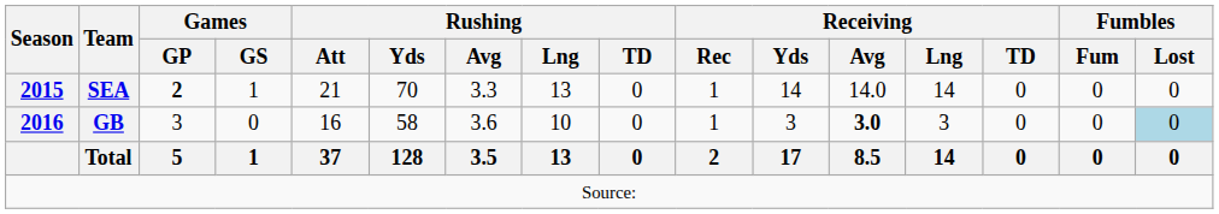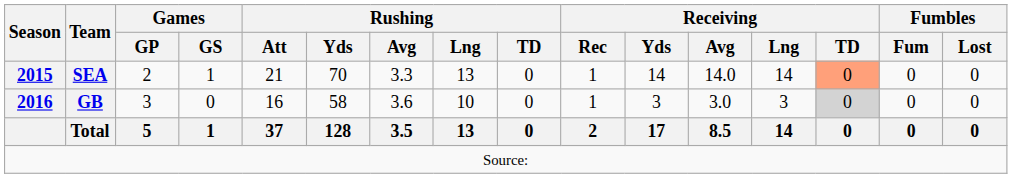 <table class=wikitable style="text-align:center;">
 <tr>
 <th rowspan=2>Season</th>
 <th rowspan=2>Team</th>
 <th colspan=2>Games</th>
 <th colspan=5>Rushing</th>
 <th colspan=5>Receiving</th>
 <th colspan=2>Fumbles</th>
 </tr>
 <tr>
 <th style="width: 50px;">GP</th>
 <th style="width: 50px;">GS</th>
 <th style="width: 50px;">Att</th>
 <th style="width: 50px;">Yds</th>
 <th style="width: 50px;">Avg</th>
 <th style="width: 50px;">Lng</th>
 <th style="width: 50px;">TD</th>
 <th style="width: 50px;">Rec</th>
 <th style="width: 50px;">Yds</th>
 <th style="width: 50px;">Avg</th>
 <th style="width: 50px;">Lng</th>
 <th style="width: 50px;">TD</th>
 <th style="width: 50px;">Fum</th>
 <th style="width: 50px;">Lost</th>
 </tr>
 <tr>
 <th><a href='#'>2015</a></th>
 <th><a href='#'>SEA</a></th>
-<td><strong>2</strong></td>
+<td>2</td>
 <td>1</td>
 <td>21</td>
 <td>70</td>
 <td>3.3</td>
 <td>13</td>
 <td>0</td>
 <td>1</td>
 <td>14</td>
 <td>14.0</td>
 <td>14</td>
-<td>0</td>
+<td style="background: lightsalmon;">0</td>
 <td>0</td>
 <td>0</td>
 </tr>
 <tr>
 <th><a href='#'>2016</a></th>
 <th><a href='#'>GB</a></th>
 <td>3</td>
 <td>0</td>
 <td>16</td>
 <td>58</td>
 <td>3.6</td>
 <td>10</td>
 <td>0</td>
 <td>1</td>
 <td>3</td>
-<td><strong>3.0</strong></td>
+<td>3.0</td>
 <td>3</td>
+<td style="background: lightgrey;">0</td>
 <td>0</td>
 <td>0</td>
-<td style="background: lightblue;">0</td>
 </tr>
 <tr>
 <th></th>
 <th>Total</th>
 <th>5</th>
 <th>1</th>
 <th>37</th>
 <th>128</th>
 <th>3.5</th>
 <th>13</th>
 <th>0</th>
 <th>2</th>
 <th>17</th>
 <th>8.5</th>
 <th>14</th>
 <th>0</th>
 <th>0</th>
 <th>0</th>
 </tr>
 <tr>
 <td colspan="16"><small>Source: </small></td>
 </tr>
 </table>
